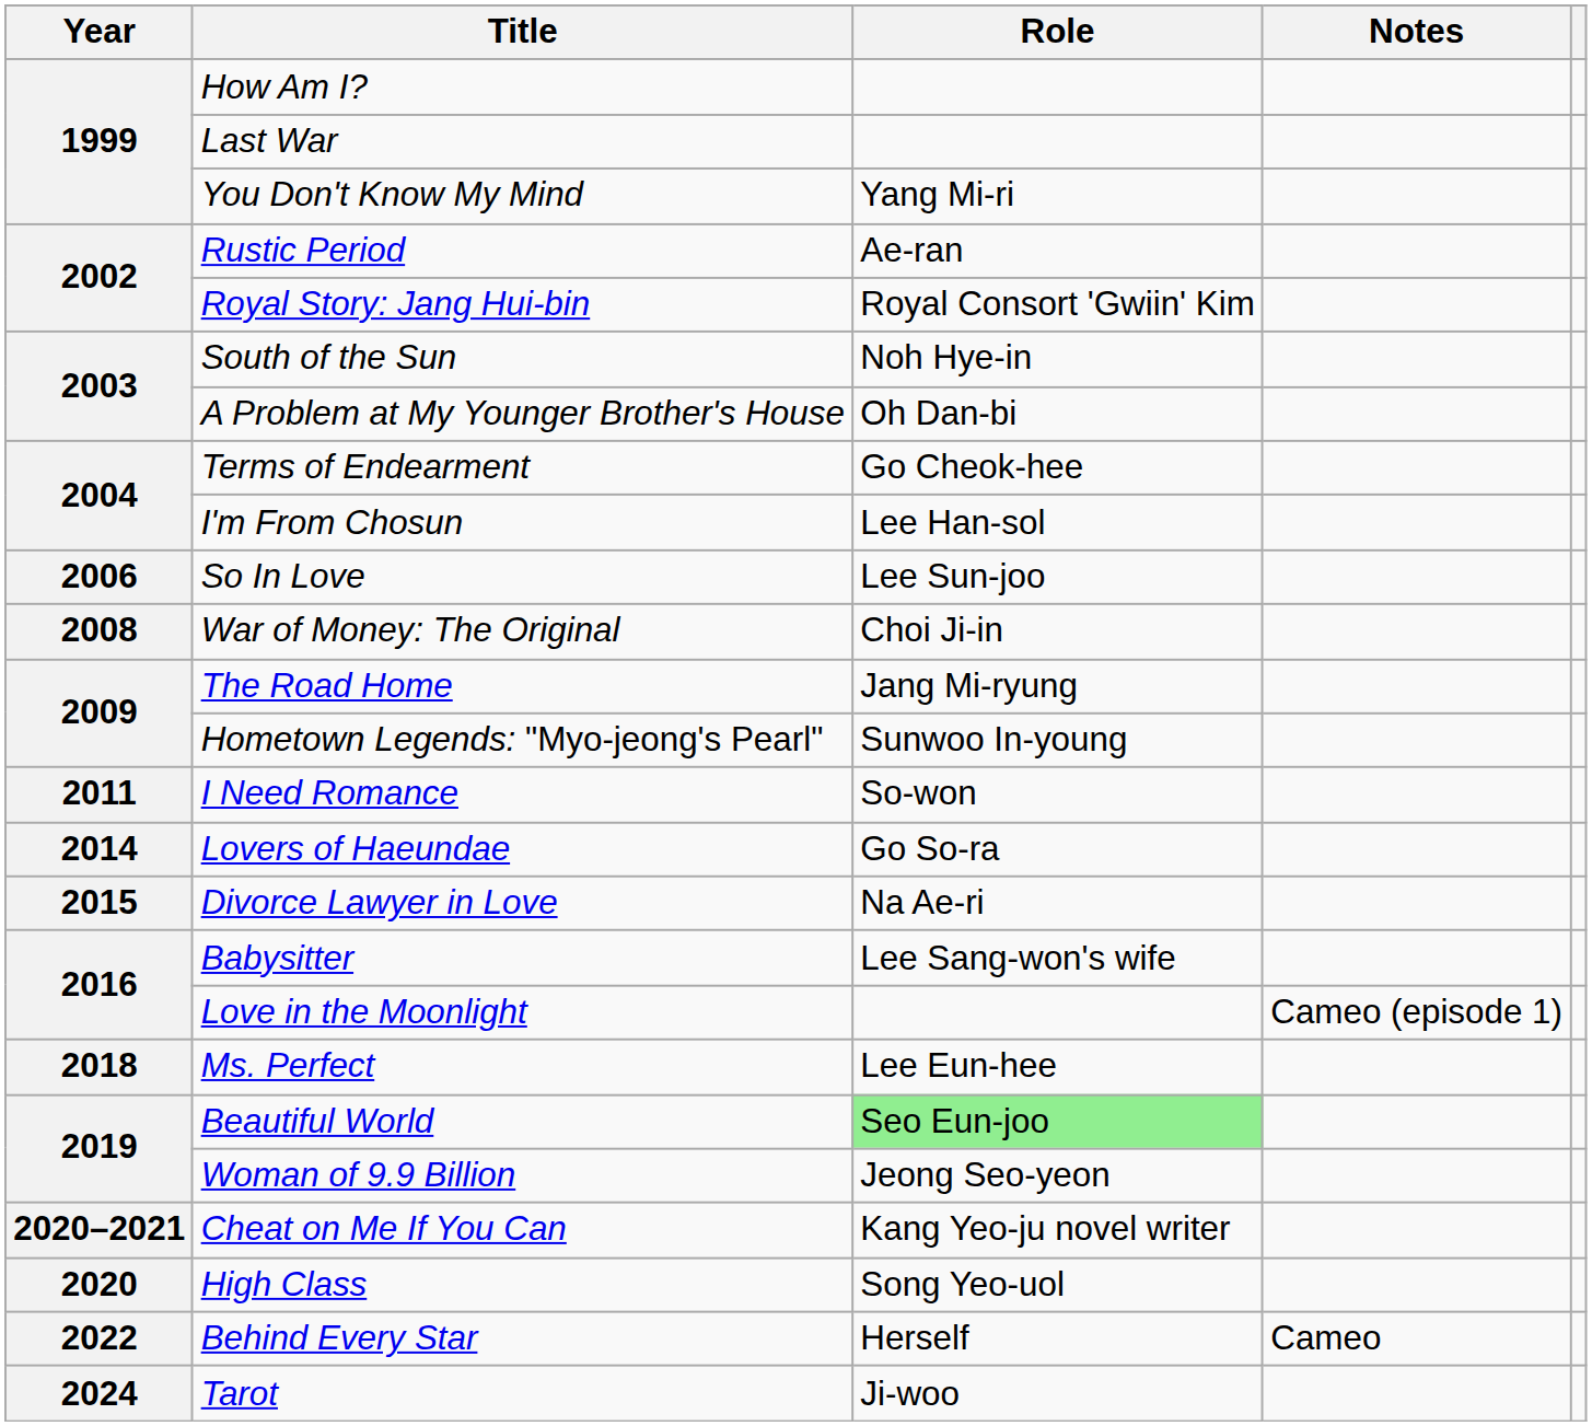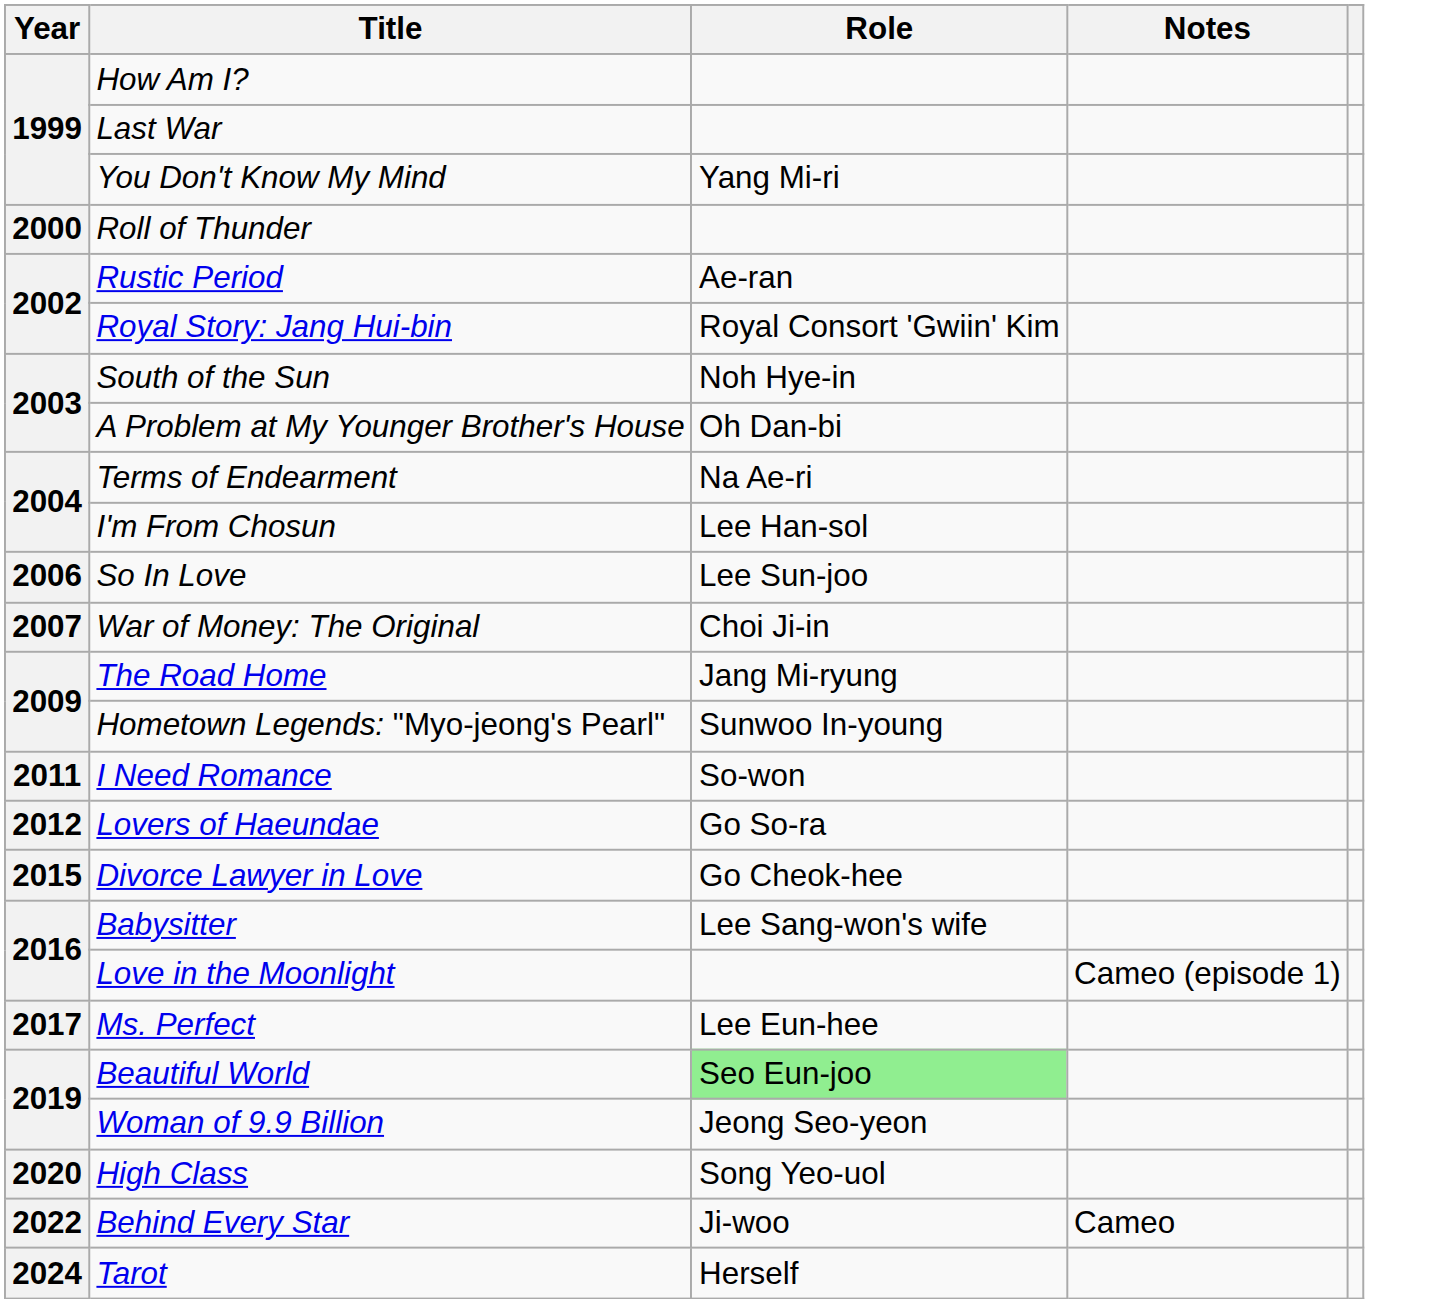 <table class="wikitable plainrowheaders sortable">
 <tr>
 <th scope="col">Year</th>
 <th scope="col">Title</th>
 <th scope="col">Role</th>
 <th scope="col" class="unsortable">Notes</th>
 <th scope="col" class="unsortable"></th>
 </tr>
 <tr>
 <th scope="row" rowspan=3>1999</th>
 <td><em>How Am I?</em></td>
 <td></td>
 <td></td>
 <td></td>
 </tr>
 <tr>
 <td><em>Last War</em></td>
 <td></td>
 <td></td>
 <td></td>
 </tr>
 <tr>
 <td><em>You Don't Know My Mind</em></td>
 <td>Yang Mi-ri</td>
+<td></td>
+<td></td>
+</tr>
+<tr>
+<th scope="row">2000</th>
+<td><em>Roll of Thunder</em></td>
+<td></td>
 <td></td>
 <td></td>
 </tr>
 <tr>
 <th scope="row" rowspan=2>2002</th>
 <td><em><a href='#'>Rustic Period</a></em></td>
 <td>Ae-ran</td>
 <td></td>
 <td></td>
 </tr>
 <tr>
 <td><em><a href='#'>Royal Story: Jang Hui-bin</a></em></td>
 <td>Royal Consort 'Gwiin' Kim</td>
 <td></td>
 <td></td>
 </tr>
 <tr>
 <th scope="row" rowspan=2>2003</th>
 <td><em>South of the Sun</em></td>
 <td>Noh Hye-in</td>
 <td></td>
 <td></td>
 </tr>
 <tr>
 <td><em>A Problem at My Younger Brother's House</em></td>
 <td>Oh Dan-bi</td>
 <td></td>
 <td></td>
 </tr>
 <tr>
 <th scope="row" rowspan=2>2004</th>
 <td><em>Terms of Endearment</em></td>
-<td>Go Cheok-hee</td>
+<td>Na Ae-ri</td>
 <td></td>
 <td></td>
 </tr>
 <tr>
 <td><em>I'm From Chosun</em></td>
 <td>Lee Han-sol</td>
 <td></td>
 <td></td>
 </tr>
 <tr>
 <th scope="row">2006</th>
 <td><em>So In Love</em></td>
 <td>Lee Sun-joo</td>
 <td></td>
 <td></td>
 </tr>
 <tr>
-<th scope="row">2008</th>
+<th scope="row">2007</th>
 <td><em>War of Money: The Original</em></td>
 <td>Choi Ji-in</td>
 <td></td>
 <td></td>
 </tr>
 <tr>
 <th scope="row" rowspan=2>2009</th>
 <td><em><a href='#'>The Road Home</a></em></td>
 <td>Jang Mi-ryung</td>
 <td></td>
 <td></td>
 </tr>
 <tr>
 <td><em>Hometown Legends:</em> "Myo-jeong's Pearl"</td>
 <td>Sunwoo In-young</td>
 <td></td>
 <td></td>
 </tr>
 <tr>
 <th scope="row">2011</th>
 <td><em><a href='#'>I Need Romance</a></em></td>
 <td>So-won</td>
 <td></td>
 <td style="text-align:center"></td>
 </tr>
 <tr>
-<th scope="row">2014</th>
+<th scope="row">2012</th>
 <td><em><a href='#'>Lovers of Haeundae</a></em></td>
 <td>Go So-ra</td>
 <td></td>
 <td style="text-align:center"></td>
 </tr>
 <tr>
 <th scope="row">2015</th>
 <td><em><a href='#'>Divorce Lawyer in Love</a></em></td>
-<td>Na Ae-ri</td>
+<td>Go Cheok-hee</td>
 <td></td>
 <td></td>
 </tr>
 <tr>
 <th scope="row" rowspan=2>2016</th>
 <td><em><a href='#'>Babysitter</a></em></td>
 <td>Lee Sang-won's wife</td>
 <td></td>
 <td></td>
 </tr>
 <tr>
 <td><em><a href='#'>Love in the Moonlight</a></em></td>
 <td></td>
 <td>Cameo (episode 1)</td>
 <td></td>
 </tr>
 <tr>
-<th scope="row">2018</th>
+<th scope="row">2017</th>
 <td><em><a href='#'>Ms. Perfect</a></em></td>
 <td>Lee Eun-hee</td>
 <td></td>
 <td style="text-align:center"></td>
 </tr>
 <tr>
 <th scope="row" rowspan=2>2019</th>
 <td><em><a href='#'>Beautiful World</a></em></td>
 <td style="background: lightgreen;">Seo Eun-joo</td>
 <td></td>
 <td style="text-align:center"></td>
 </tr>
 <tr>
 <td><em><a href='#'>Woman of 9.9 Billion</a></em></td>
 <td>Jeong Seo-yeon</td>
 <td></td>
 <td style="text-align:center"></td>
 </tr>
 <tr>
-<th scope="row">2020–2021</th>
-<td><em><a href='#'>Cheat on Me If You Can</a></em></td>
-<td>Kang Yeo-ju novel writer</td>
-<td></td>
-<td style="text-align:center"></td>
-</tr>
-<tr>
 <th scope="row">2020</th>
 <td><em><a href='#'>High Class</a></em></td>
 <td>Song Yeo-uol</td>
 <td></td>
 <td style="text-align:center"></td>
 </tr>
 <tr>
 <th scope="row">2022</th>
 <td><em><a href='#'>Behind Every Star</a></em></td>
-<td>Herself</td>
+<td>Ji-woo</td>
 <td>Cameo</td>
 <td style="text-align:center"></td>
 </tr>
 <tr>
 <th scope="row">2024</th>
 <td><em><a href='#'>Tarot</a></em></td>
-<td>Ji-woo</td>
+<td>Herself</td>
 <td></td>
 <td style="text-align:center"></td>
 </tr>
 </table>
